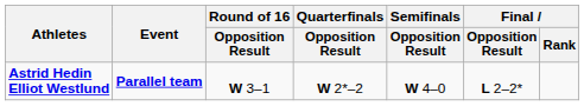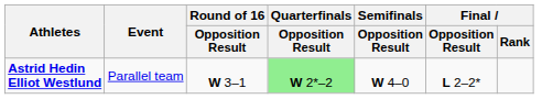 <table class="wikitable" style="font-size:90%">
 <tr>
 <th rowspan="2">Athletes</th>
 <th rowspan="2">Event</th>
 <th>Round of 16</th>
 <th>Quarterfinals</th>
 <th>Semifinals</th>
 <th colspan=2>Final / </th>
 </tr>
 <tr style="font-size:95%">
 <th>Opposition<br>Result</th>
 <th>Opposition<br>Result</th>
 <th>Opposition<br>Result</th>
 <th>Opposition<br>Result</th>
 <th>Rank</th>
 </tr>
 <tr align=center>
 <td align=left><strong><a href='#'>Astrid Hedin</a></strong><br><strong><a href='#'>Elliot Westlund</a></strong></td>
-<td align=left><strong><a href='#'>Parallel team</a></strong></td>
+<td align=left><a href='#'>Parallel team</a></td>
 <td><br><strong>W</strong> 3–1</td>
-<td><br><strong>W</strong> 2*–2</td>
+<td style="background: lightgreen;"><br><strong>W</strong> 2*–2</td>
 <td><br><strong>W</strong> 4–0</td>
 <td><br><strong>L</strong> 2–2*</td>
 <td></td>
 </tr>
 </table>
